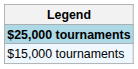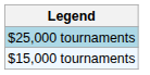 <table class="wikitable" style="font-size:89%">
 <tr>
 <th>Legend</th>
 </tr>
 <tr style="background:lightblue;">
-<td><strong>$25,000 tournaments</strong></td>
+<td>$25,000 tournaments</td>
 </tr>
 <tr style="background:#f0f8ff;">
 <td>$15,000 tournaments</td>
 </tr>
 </table>
